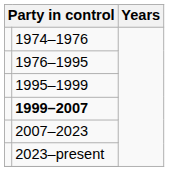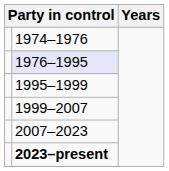 <table class="wikitable">
 <tr>
 <th colspan=2>Party in control</th>
 <th>Years</th>
 </tr>
 <tr>
 <td></td>
 <td>1974–1976</td>
 </tr>
 <tr>
 <td></td>
-<td>1976–1995</td>
+<td style="background: lavender;">1976–1995</td>
 </tr>
 <tr>
 <td></td>
 <td>1995–1999</td>
 </tr>
 <tr>
 <td></td>
-<td><strong>1999–2007</strong></td>
+<td>1999–2007</td>
 </tr>
 <tr>
 <td></td>
 <td>2007–2023</td>
 </tr>
 <tr>
 <td></td>
-<td>2023–present</td>
+<td><strong>2023–present</strong></td>
 </tr>
 <tr>
 </tr>
 </table>
